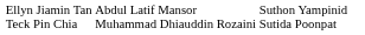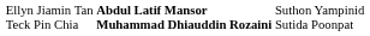 <table>
 <tr>
 <td><br></td>
 <td></td>
 <td></td>
 <td nowrap></td>
 </tr>
 <tr>
 <td><br></td>
 <td nowrap><br>Ellyn Jiamin Tan<br>Teck Pin Chia</td>
-<td nowrap><br>Abdul Latif Mansor<br>Muhammad Dhiauddin Rozaini</td>
+<td nowrap><strong><br>Abdul Latif Mansor<br>Muhammad Dhiauddin Rozaini</strong></td>
 <td><br>Suthon Yampinid<br>Sutida Poonpat</td>
 </tr>
 </table>
